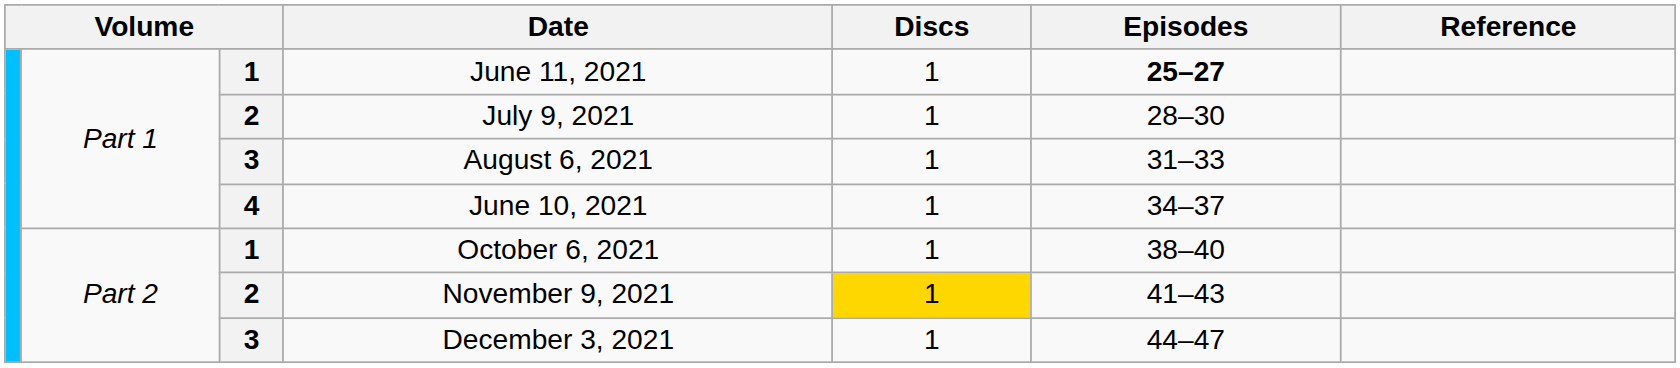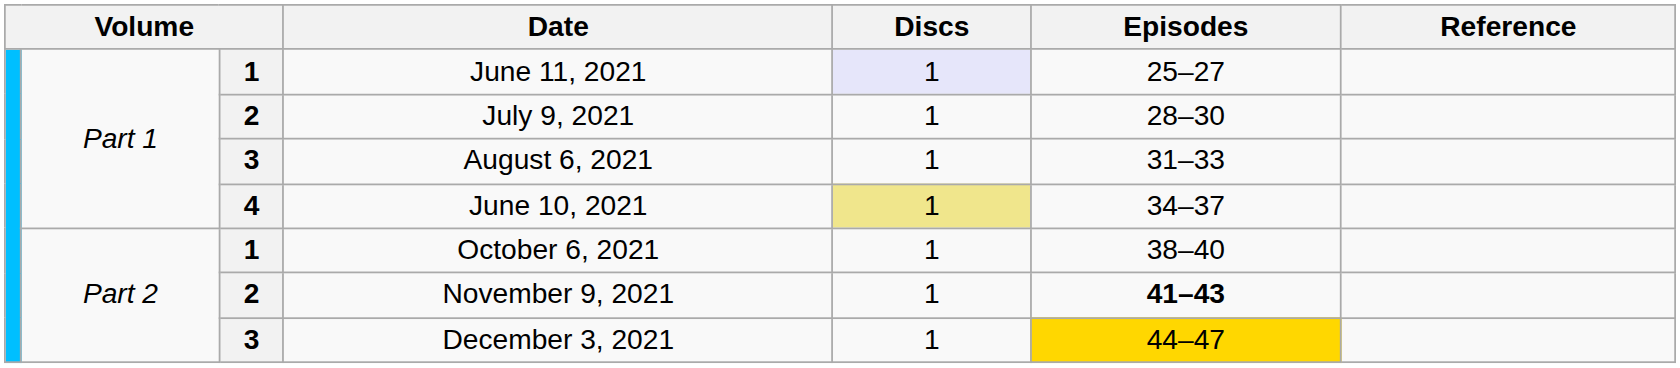 <table class="wikitable" style="text-align: center; width: 60%;">
 <tr>
 <th colspan="3" scope="col" 175px;>Volume</th>
 <th scope="col" 125px;>Date</th>
 <th scope="col">Discs</th>
 <th scope="col">Episodes</th>
 <th scope="col">Reference</th>
 </tr>
 <tr>
 <td rowspan="8" width="1%" style="background: #00BFFF;"></td>
 <td rowspan="4"><em>Part 1</em></td>
 <th scope="row">1</th>
 <td>June 11, 2021</td>
-<td>1</td>
-<td><strong>25–27</strong></td>
+<td style="background: lavender;">1</td>
+<td>25–27</td>
 <td></td>
 </tr>
 <tr>
 <th scope="row">2</th>
 <td>July 9, 2021</td>
 <td>1</td>
 <td>28–30</td>
 <td></td>
 </tr>
 <tr>
 <th scope="row">3</th>
 <td>August 6, 2021</td>
 <td>1</td>
 <td>31–33</td>
 <td></td>
 </tr>
 <tr>
 <th scope="row">4</th>
 <td>June 10, 2021</td>
-<td>1</td>
+<td style="background: khaki;">1</td>
 <td>34–37</td>
 <td></td>
 </tr>
 <tr>
 <td rowspan="3"><em>Part 2</em></td>
 <th scope="row">1</th>
 <td>October 6, 2021</td>
 <td>1</td>
 <td>38–40</td>
 <td></td>
 </tr>
 <tr>
 <th scope="row">2</th>
 <td>November 9, 2021</td>
-<td style="background: gold;">1</td>
-<td>41–43</td>
+<td>1</td>
+<td><strong>41–43</strong></td>
 <td></td>
 </tr>
 <tr>
 <th scope="row">3</th>
 <td>December 3, 2021</td>
 <td>1</td>
-<td>44–47</td>
+<td style="background: gold;">44–47</td>
 <td></td>
 </tr>
 </table>
